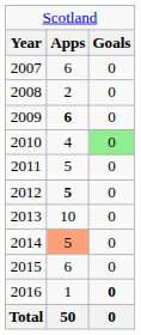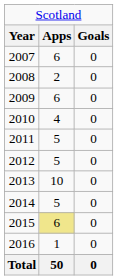 <table class="wikitable" style="text-align:center">
 <tr>
 <td colspan="3"><a href='#'>Scotland</a></td>
 </tr>
 <tr>
 <th>Year</th>
 <th>Apps</th>
 <th>Goals</th>
 </tr>
 <tr>
 <td>2007</td>
 <td>6</td>
 <td>0</td>
 </tr>
 <tr>
 <td>2008</td>
 <td>2</td>
 <td>0</td>
 </tr>
 <tr>
 <td>2009</td>
-<td><strong>6</strong></td>
+<td>6</td>
 <td>0</td>
 </tr>
 <tr>
 <td>2010</td>
 <td>4</td>
-<td style="background: lightgreen;">0</td>
+<td>0</td>
 </tr>
 <tr>
 <td>2011</td>
 <td>5</td>
 <td>0</td>
 </tr>
 <tr>
 <td>2012</td>
-<td><strong>5</strong></td>
+<td>5</td>
 <td>0</td>
 </tr>
 <tr>
 <td>2013</td>
 <td>10</td>
 <td>0</td>
 </tr>
 <tr>
 <td>2014</td>
-<td style="background: lightsalmon;">5</td>
+<td>5</td>
 <td>0</td>
 </tr>
 <tr>
 <td>2015</td>
-<td>6</td>
+<td style="background: khaki;">6</td>
 <td>0</td>
 </tr>
 <tr>
 <td>2016</td>
 <td>1</td>
-<td><strong>0</strong></td>
+<td>0</td>
 </tr>
 <tr>
 <th>Total</th>
 <th>50</th>
 <th>0</th>
 </tr>
 </table>
